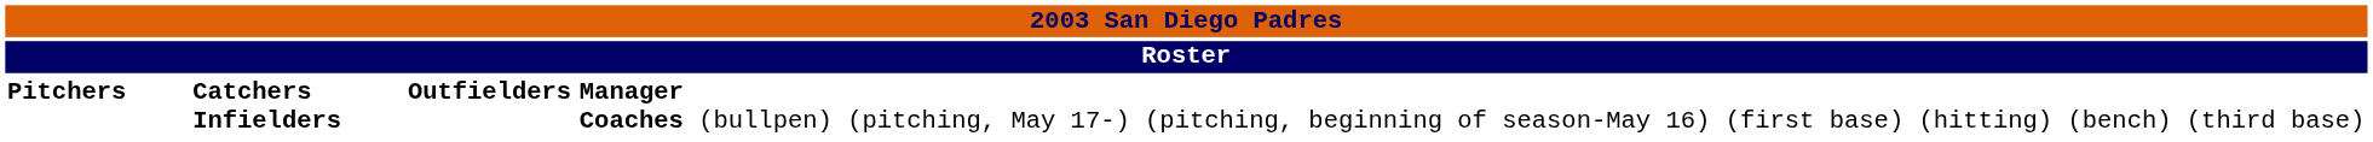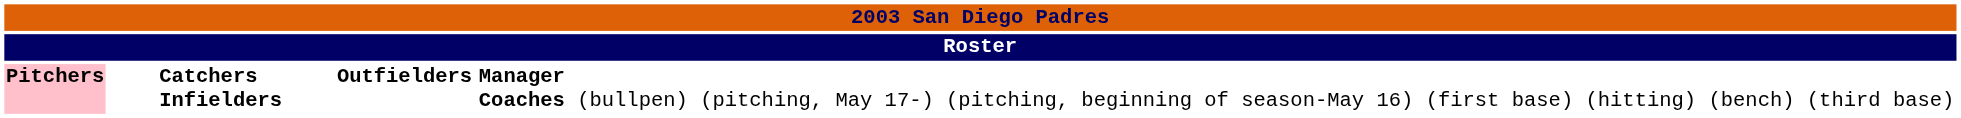 <table class="toccolours" style="font-size: 95%;">
 <tr>
 <th colspan="10" style="background-color: #de6108;; color: #000066; text-align: center;">2003 San Diego Padres</th>
 </tr>
 <tr>
 <td colspan="10" style="background-color: #000066; color: #FFFFFF; text-align: center;"><strong>Roster</strong></td>
 </tr>
 <tr>
-<td valign="top"><strong>Pitchers</strong><br>                         </td>
+<td valign="top" style="background: pink;"><strong>Pitchers</strong><br>                         </td>
 <td width="25px"></td>
 <td valign="top"><strong>Catchers</strong><br>     <strong>Infielders</strong>           </td>
 <td width="25px"></td>
 <td valign="top"><strong>Outfielders</strong><br>        </td>
 <td valign="top"><strong>Manager</strong><br> <strong>Coaches</strong>  (bullpen)  (pitching, May 17-)  (pitching, beginning of season-May 16)  (first base)  (hitting)  (bench)   (third base)</td>
 </tr>
 </table>
